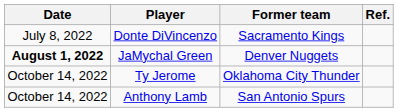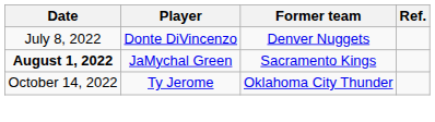 <table class="wikitable sortable sortable" style="text-align: center">
 <tr>
 <th>Date</th>
 <th>Player</th>
 <th>Former team</th>
 <th>Ref.</th>
 </tr>
 <tr>
 <td>July 8, 2022</td>
 <td><a href='#'>Donte DiVincenzo</a></td>
-<td><a href='#'>Sacramento Kings</a></td>
+<td><a href='#'>Denver Nuggets</a></td>
 <td></td>
 </tr>
 <tr>
 <td><strong>August 1, 2022</strong></td>
 <td><a href='#'>JaMychal Green</a></td>
-<td><a href='#'>Denver Nuggets</a></td>
+<td><a href='#'>Sacramento Kings</a></td>
 <td></td>
 </tr>
 <tr>
 <td>October 14, 2022</td>
 <td><a href='#'>Ty Jerome</a></td>
 <td><a href='#'>Oklahoma City Thunder</a></td>
 <td></td>
 </tr>
-<tr>
-<td>October 14, 2022</td>
-<td><a href='#'>Anthony Lamb</a></td>
-<td><a href='#'>San Antonio Spurs</a></td>
-<td></td>
-</tr>
 </table>
